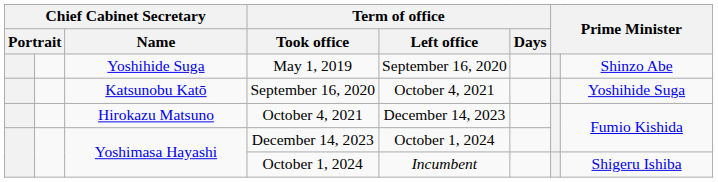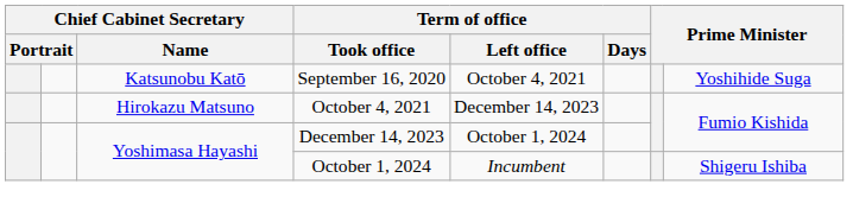 <table class="wikitable"  style="text-align:center">
 <tr>
 <th colspan=3>Chief Cabinet Secretary</th>
 <th colspan=3>Term of office</th>
 <th style="width:160px;" rowspan=2 colspan=2>Prime Minister</th>
 </tr>
 <tr>
 <th colspan=2>Portrait</th>
 <th width="180">Name</th>
 <th>Took office</th>
 <th>Left office</th>
 <th>Days</th>
-</tr>
-<tr>
-<th style="background-color: "></th>
-<td></td>
-<td><a href='#'>Yoshihide Suga</a></td>
-<td>May 1, 2019</td>
-<td>September 16, 2020</td>
-<td></td>
-<th style="background-color: "></th>
-<td><a href='#'>Shinzo Abe</a></td>
 </tr>
 <tr>
 <th style="background-color: "></th>
 <td></td>
 <td><a href='#'>Katsunobu Katō</a></td>
 <td>September 16, 2020</td>
 <td>October 4, 2021</td>
 <td></td>
 <th style="background-color: "></th>
 <td><a href='#'>Yoshihide Suga</a></td>
 </tr>
 <tr>
 <th style="background-color: "></th>
 <td></td>
 <td><a href='#'>Hirokazu Matsuno</a></td>
 <td>October 4, 2021</td>
 <td>December 14, 2023</td>
 <td></td>
 <th rowspan=2 style="background-color: "></th>
 <td rowspan=2><a href='#'>Fumio Kishida</a></td>
 </tr>
 <tr>
 <th rowspan=2 style="background-color: "></th>
 <td rowspan=2></td>
 <td rowspan=2><a href='#'>Yoshimasa Hayashi</a></td>
 <td>December 14, 2023</td>
 <td>October 1, 2024</td>
 <td></td>
 </tr>
 <tr>
 <td>October 1, 2024</td>
 <td><em>Incumbent</em></td>
 <td></td>
 <th style="background-color: "></th>
 <td><a href='#'>Shigeru Ishiba</a></td>
 </tr>
 </table>
